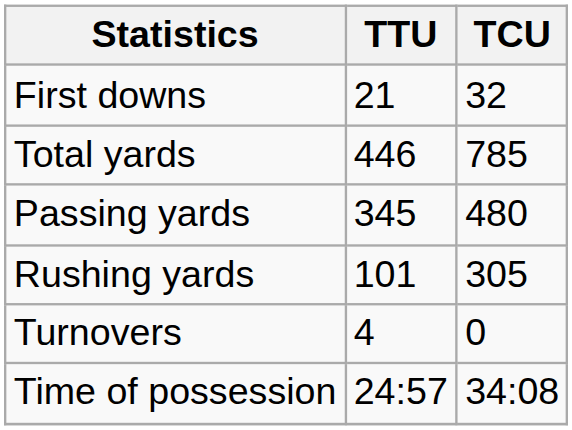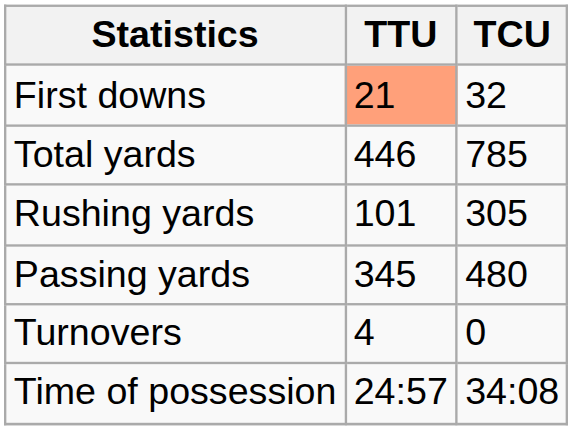 <table class="wikitable" style="float: left;">
 <tr>
 <th>Statistics</th>
 <th>TTU</th>
 <th>TCU</th>
 </tr>
 <tr>
 <td>First downs</td>
-<td>21</td>
+<td style="background: lightsalmon;">21</td>
 <td>32</td>
 </tr>
 <tr>
 <td>Total yards</td>
 <td>446</td>
 <td>785</td>
 </tr>
 <tr>
+<td>Rushing yards</td>
+<td>101</td>
+<td>305</td>
+</tr>
+<tr>
 <td>Passing yards</td>
 <td>345</td>
 <td>480</td>
-</tr>
-<tr>
-<td>Rushing yards</td>
-<td>101</td>
-<td>305</td>
 </tr>
 <tr>
 <td>Turnovers</td>
 <td>4</td>
 <td>0</td>
 </tr>
 <tr>
 <td>Time of possession</td>
 <td>24:57</td>
 <td>34:08</td>
 </tr>
 <tr>
 </tr>
 </table>
